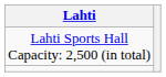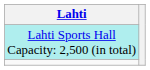 <table class="wikitable" style="text-align:center;">
 <tr>
 <th><a href='#'>Lahti</a></th>
 <th rowspan=9></th>
 </tr>
 <tr>
-<td><a href='#'>Lahti Sports Hall</a><br>Capacity: 2,500  (in total)</td>
+<td style="background: paleturquoise;"><a href='#'>Lahti Sports Hall</a><br>Capacity: 2,500  (in total)</td>
 </tr>
 <tr>
 <td></td>
 </tr>
 </table>
